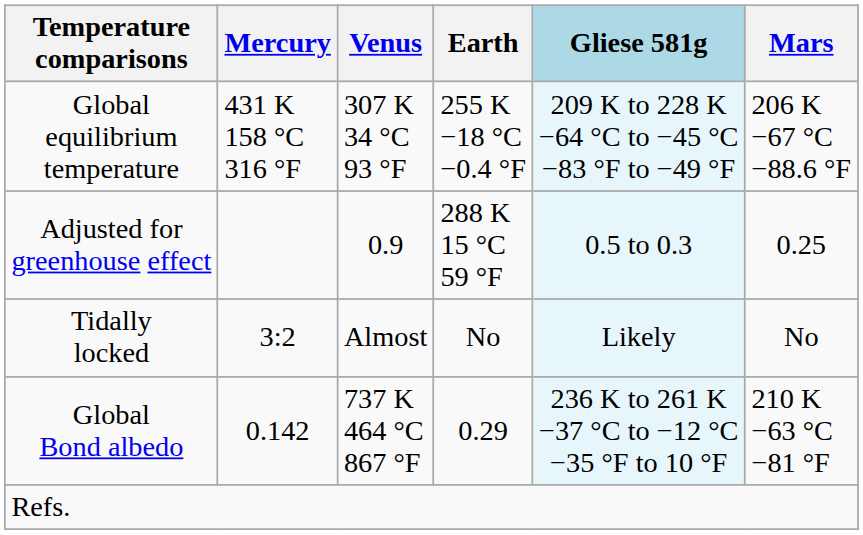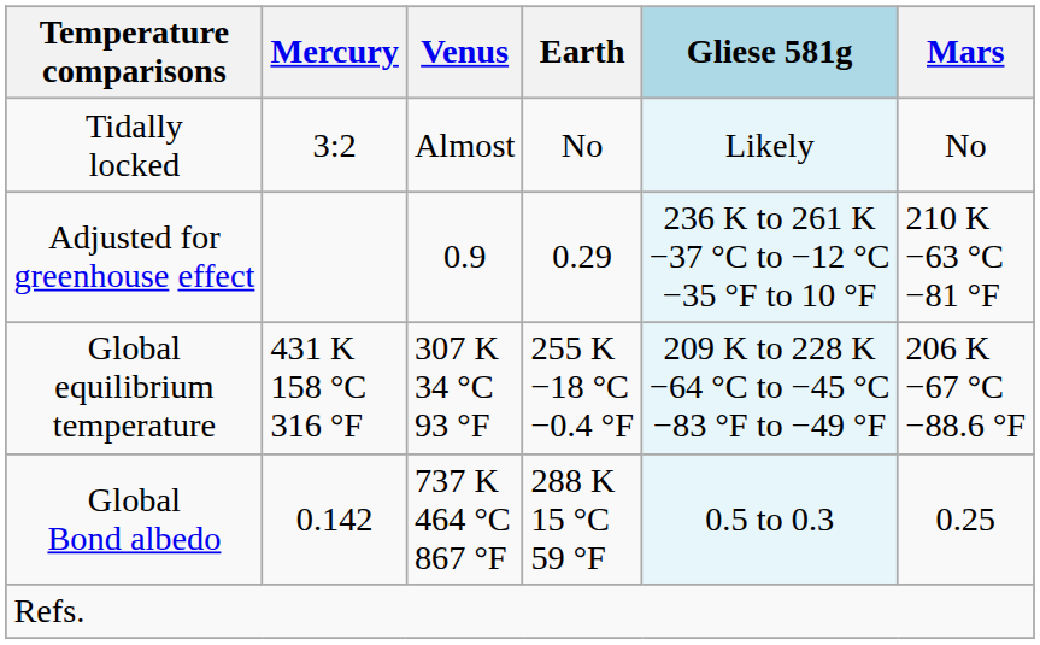 <table class="wikitable" style="margin-right: 0.5em;" align="left">
 <tr>
 <th>Temperature<br>comparisons</th>
 <th><a href='#'>Mercury</a></th>
 <th><a href='#'>Venus</a></th>
 <th>Earth</th>
 <th align="center" style="background:#add8e6;">Gliese 581g</th>
 <th><a href='#'>Mars</a></th>
 </tr>
 <tr>
+<td align="center">Tidally <br>locked</td>
+<td align="center">3:2</td>
+<td align="center">Almost</td>
+<td align="center">No</td>
+<td style="background:#e7f6fb;" align="center">Likely</td>
+<td align="center">No</td>
+</tr>
+<tr>
+<td align="center">Adjusted for<br><a href='#'>greenhouse</a>  <a href='#'>effect</a></td>
+<td></td>
+<td align="center">0.9</td>
+<td align="center">0.29</td>
+<td style="background:#e7f6fb;" align="center">236 K to 261 K <br> −37 °C to −12 °C <br> −35 °F to 10 °F<br></td>
+<td>210 K <br>−63 °C<br>−81 °F</td>
+</tr>
+<tr>
 <td align="center">Global<br>equilibrium <br>temperature</td>
 <td>431 K <br>158 °C <br>316 °F</td>
 <td>307 K <br>34 °C <br>93 °F</td>
 <td>255 K <br>−18 °C<br>−0.4 °F</td>
 <td align="center" style="background:#e7f6fb;">209 K to 228 K<br>−64 °C to −45 °C<br>−83 °F to −49 °F</td>
 <td>206 K <br>−67 °C<br>−88.6 °F</td>
 </tr>
 <tr>
-<td align="center">Adjusted for<br><a href='#'>greenhouse</a>  <a href='#'>effect</a></td>
-<td></td>
-<td align="center">0.9</td>
+<td align="center">Global <br> <a href='#'>Bond albedo</a></td>
+<td align="center">0.142</td>
+<td>737 K <br>464 °C<br>867 °F</td>
 <td>288 K <br>15 °C<br>59 °F</td>
 <td align="center" style="background:#e7f6fb;">0.5 to 0.3</td>
 <td align="center">0.25</td>
 </tr>
 <tr>
-<td align="center">Tidally <br>locked</td>
-<td align="center">3:2</td>
-<td align="center">Almost</td>
-<td align="center">No</td>
-<td style="background:#e7f6fb;" align="center">Likely</td>
-<td align="center">No</td>
-</tr>
-<tr>
-<td align="center">Global <br> <a href='#'>Bond albedo</a></td>
-<td align="center">0.142</td>
-<td>737 K <br>464 °C<br>867 °F</td>
-<td align="center">0.29</td>
-<td style="background:#e7f6fb;" align="center">236 K to 261 K <br> −37 °C to −12 °C <br> −35 °F to 10 °F<br></td>
-<td>210 K <br>−63 °C<br>−81 °F</td>
-</tr>
-<tr>
 <td colspan="6" align="left">Refs.</td>
 </tr>
 </table>
